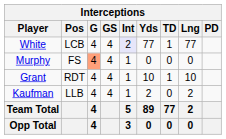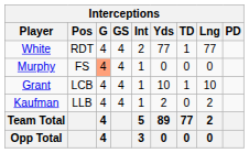 <table class="wikitable" style="text-align:center">
 <tr>
 <th colspan="9">Interceptions</th>
 </tr>
 <tr>
 <th>Player</th>
 <th>Pos</th>
 <th>G</th>
 <th>GS</th>
 <th>Int</th>
 <th>Yds</th>
 <th>TD</th>
 <th>Lng</th>
 <th>PD</th>
 </tr>
 <tr>
 <td><a href='#'>White</a></td>
-<td>LCB</td>
+<td>RDT</td>
 <td>4</td>
 <td>4</td>
-<td style="background: lavender;">2</td>
+<td>2</td>
 <td>77</td>
 <td>1</td>
 <td>77</td>
 <td></td>
 </tr>
 <tr>
 <td><a href='#'>Murphy</a></td>
 <td>FS</td>
 <td style="background: lightsalmon;">4</td>
 <td>4</td>
 <td>1</td>
 <td>0</td>
 <td>0</td>
 <td>0</td>
 <td></td>
 </tr>
 <tr>
 <td><a href='#'>Grant</a></td>
-<td>RDT</td>
+<td>LCB</td>
 <td>4</td>
 <td>4</td>
 <td>1</td>
 <td>10</td>
 <td>1</td>
 <td>10</td>
 <td></td>
 </tr>
 <tr>
 <td><a href='#'>Kaufman</a></td>
 <td>LLB</td>
 <td>4</td>
 <td>4</td>
 <td>1</td>
 <td>2</td>
 <td>0</td>
 <td>2</td>
 <td></td>
 </tr>
 <tr>
 <th>Team Total</th>
 <th></th>
 <th>4</th>
 <th></th>
 <th>5</th>
 <th>89</th>
 <th>77</th>
 <th>2</th>
 <th></th>
 </tr>
 <tr>
 <th>Opp Total</th>
 <th></th>
 <th>4</th>
 <th></th>
 <th>3</th>
 <th>0</th>
 <th>0</th>
 <th>0</th>
 <th></th>
 </tr>
 </table>
